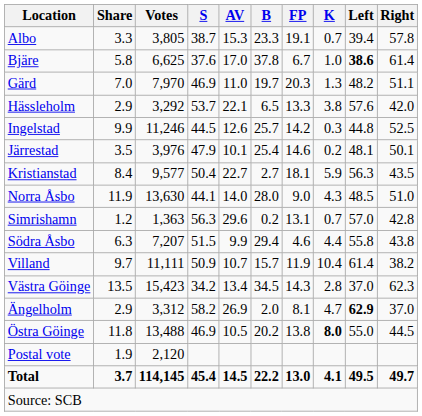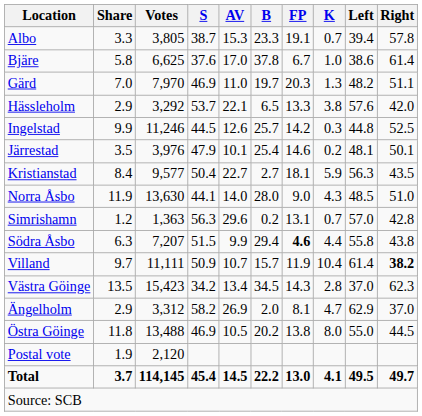 <table class="wikitable sortable" style=text-align:right>
 <tr>
 <th>Location</th>
 <th>Share</th>
 <th>Votes</th>
 <th><a href='#'>S</a></th>
 <th><a href='#'>AV</a></th>
 <th><a href='#'>B</a></th>
 <th><a href='#'>FP</a></th>
 <th><a href='#'>K</a></th>
 <th>Left</th>
 <th>Right</th>
 </tr>
 <tr>
 <td align=left><a href='#'>Albo</a></td>
 <td>3.3</td>
 <td>3,805</td>
 <td>38.7</td>
 <td>15.3</td>
 <td>23.3</td>
 <td>19.1</td>
 <td>0.7</td>
 <td>39.4</td>
 <td>57.8</td>
 </tr>
 <tr>
 <td align=left><a href='#'>Bjäre</a></td>
 <td>5.8</td>
 <td>6,625</td>
 <td>37.6</td>
 <td>17.0</td>
 <td>37.8</td>
 <td>6.7</td>
 <td>1.0</td>
-<td><strong>38.6</strong></td>
+<td>38.6</td>
 <td>61.4</td>
 </tr>
 <tr>
 <td align=left><a href='#'>Gärd</a></td>
 <td>7.0</td>
 <td>7,970</td>
 <td>46.9</td>
 <td>11.0</td>
 <td>19.7</td>
 <td>20.3</td>
 <td>1.3</td>
 <td>48.2</td>
 <td>51.1</td>
 </tr>
 <tr>
 <td align=left><a href='#'>Hässleholm</a></td>
 <td>2.9</td>
 <td>3,292</td>
 <td>53.7</td>
 <td>22.1</td>
 <td>6.5</td>
 <td>13.3</td>
 <td>3.8</td>
 <td>57.6</td>
 <td>42.0</td>
 </tr>
 <tr>
 <td align=left><a href='#'>Ingelstad</a></td>
 <td>9.9</td>
 <td>11,246</td>
 <td>44.5</td>
 <td>12.6</td>
 <td>25.7</td>
 <td>14.2</td>
 <td>0.3</td>
 <td>44.8</td>
 <td>52.5</td>
 </tr>
 <tr>
 <td align=left><a href='#'>Järrestad</a></td>
 <td>3.5</td>
 <td>3,976</td>
 <td>47.9</td>
 <td>10.1</td>
 <td>25.4</td>
 <td>14.6</td>
 <td>0.2</td>
 <td>48.1</td>
 <td>50.1</td>
 </tr>
 <tr>
 <td align=left><a href='#'>Kristianstad</a></td>
 <td>8.4</td>
 <td>9,577</td>
 <td>50.4</td>
 <td>22.7</td>
 <td>2.7</td>
 <td>18.1</td>
 <td>5.9</td>
 <td>56.3</td>
 <td>43.5</td>
 </tr>
 <tr>
 <td align=left><a href='#'>Norra Åsbo</a></td>
 <td>11.9</td>
 <td>13,630</td>
 <td>44.1</td>
 <td>14.0</td>
 <td>28.0</td>
 <td>9.0</td>
 <td>4.3</td>
 <td>48.5</td>
 <td>51.0</td>
 </tr>
 <tr>
 <td align=left><a href='#'>Simrishamn</a></td>
 <td>1.2</td>
 <td>1,363</td>
 <td>56.3</td>
 <td>29.6</td>
 <td>0.2</td>
 <td>13.1</td>
 <td>0.7</td>
 <td>57.0</td>
 <td>42.8</td>
 </tr>
 <tr>
 <td align=left><a href='#'>Södra Åsbo</a></td>
 <td>6.3</td>
 <td>7,207</td>
 <td>51.5</td>
 <td>9.9</td>
 <td>29.4</td>
-<td>4.6</td>
+<td><strong>4.6</strong></td>
 <td>4.4</td>
 <td>55.8</td>
 <td>43.8</td>
 </tr>
 <tr>
 <td align=left><a href='#'>Villand</a></td>
 <td>9.7</td>
 <td>11,111</td>
 <td>50.9</td>
 <td>10.7</td>
 <td>15.7</td>
 <td>11.9</td>
 <td>10.4</td>
 <td>61.4</td>
-<td>38.2</td>
+<td><strong>38.2</strong></td>
 </tr>
 <tr>
 <td align=left><a href='#'>Västra Göinge</a></td>
 <td>13.5</td>
 <td>15,423</td>
 <td>34.2</td>
 <td>13.4</td>
 <td>34.5</td>
 <td>14.3</td>
 <td>2.8</td>
 <td>37.0</td>
 <td>62.3</td>
 </tr>
 <tr>
 <td align=left><a href='#'>Ängelholm</a></td>
 <td>2.9</td>
 <td>3,312</td>
 <td>58.2</td>
 <td>26.9</td>
 <td>2.0</td>
 <td>8.1</td>
 <td>4.7</td>
-<td><strong>62.9</strong></td>
+<td>62.9</td>
 <td>37.0</td>
 </tr>
 <tr>
 <td align=left><a href='#'>Östra Göinge</a></td>
 <td>11.8</td>
 <td>13,488</td>
 <td>46.9</td>
 <td>10.5</td>
 <td>20.2</td>
 <td>13.8</td>
-<td><strong>8.0</strong></td>
+<td>8.0</td>
 <td>55.0</td>
 <td>44.5</td>
 </tr>
 <tr>
 <td align=left><a href='#'>Postal vote</a></td>
 <td>1.9</td>
 <td>2,120</td>
 <td></td>
 <td></td>
 <td></td>
 <td></td>
 <td></td>
 <td></td>
 <td></td>
 </tr>
 <tr>
 <td align=left><strong>Total</strong></td>
 <td><strong>3.7</strong></td>
 <td><strong>114,145</strong></td>
 <td><strong>45.4</strong></td>
 <td><strong>14.5</strong></td>
 <td><strong>22.2</strong></td>
 <td><strong>13.0</strong></td>
 <td><strong>4.1</strong></td>
 <td><strong>49.5</strong></td>
 <td><strong>49.7</strong></td>
 </tr>
 <tr>
 <td align=left colspan=10>Source: SCB </td>
 </tr>
 </table>
